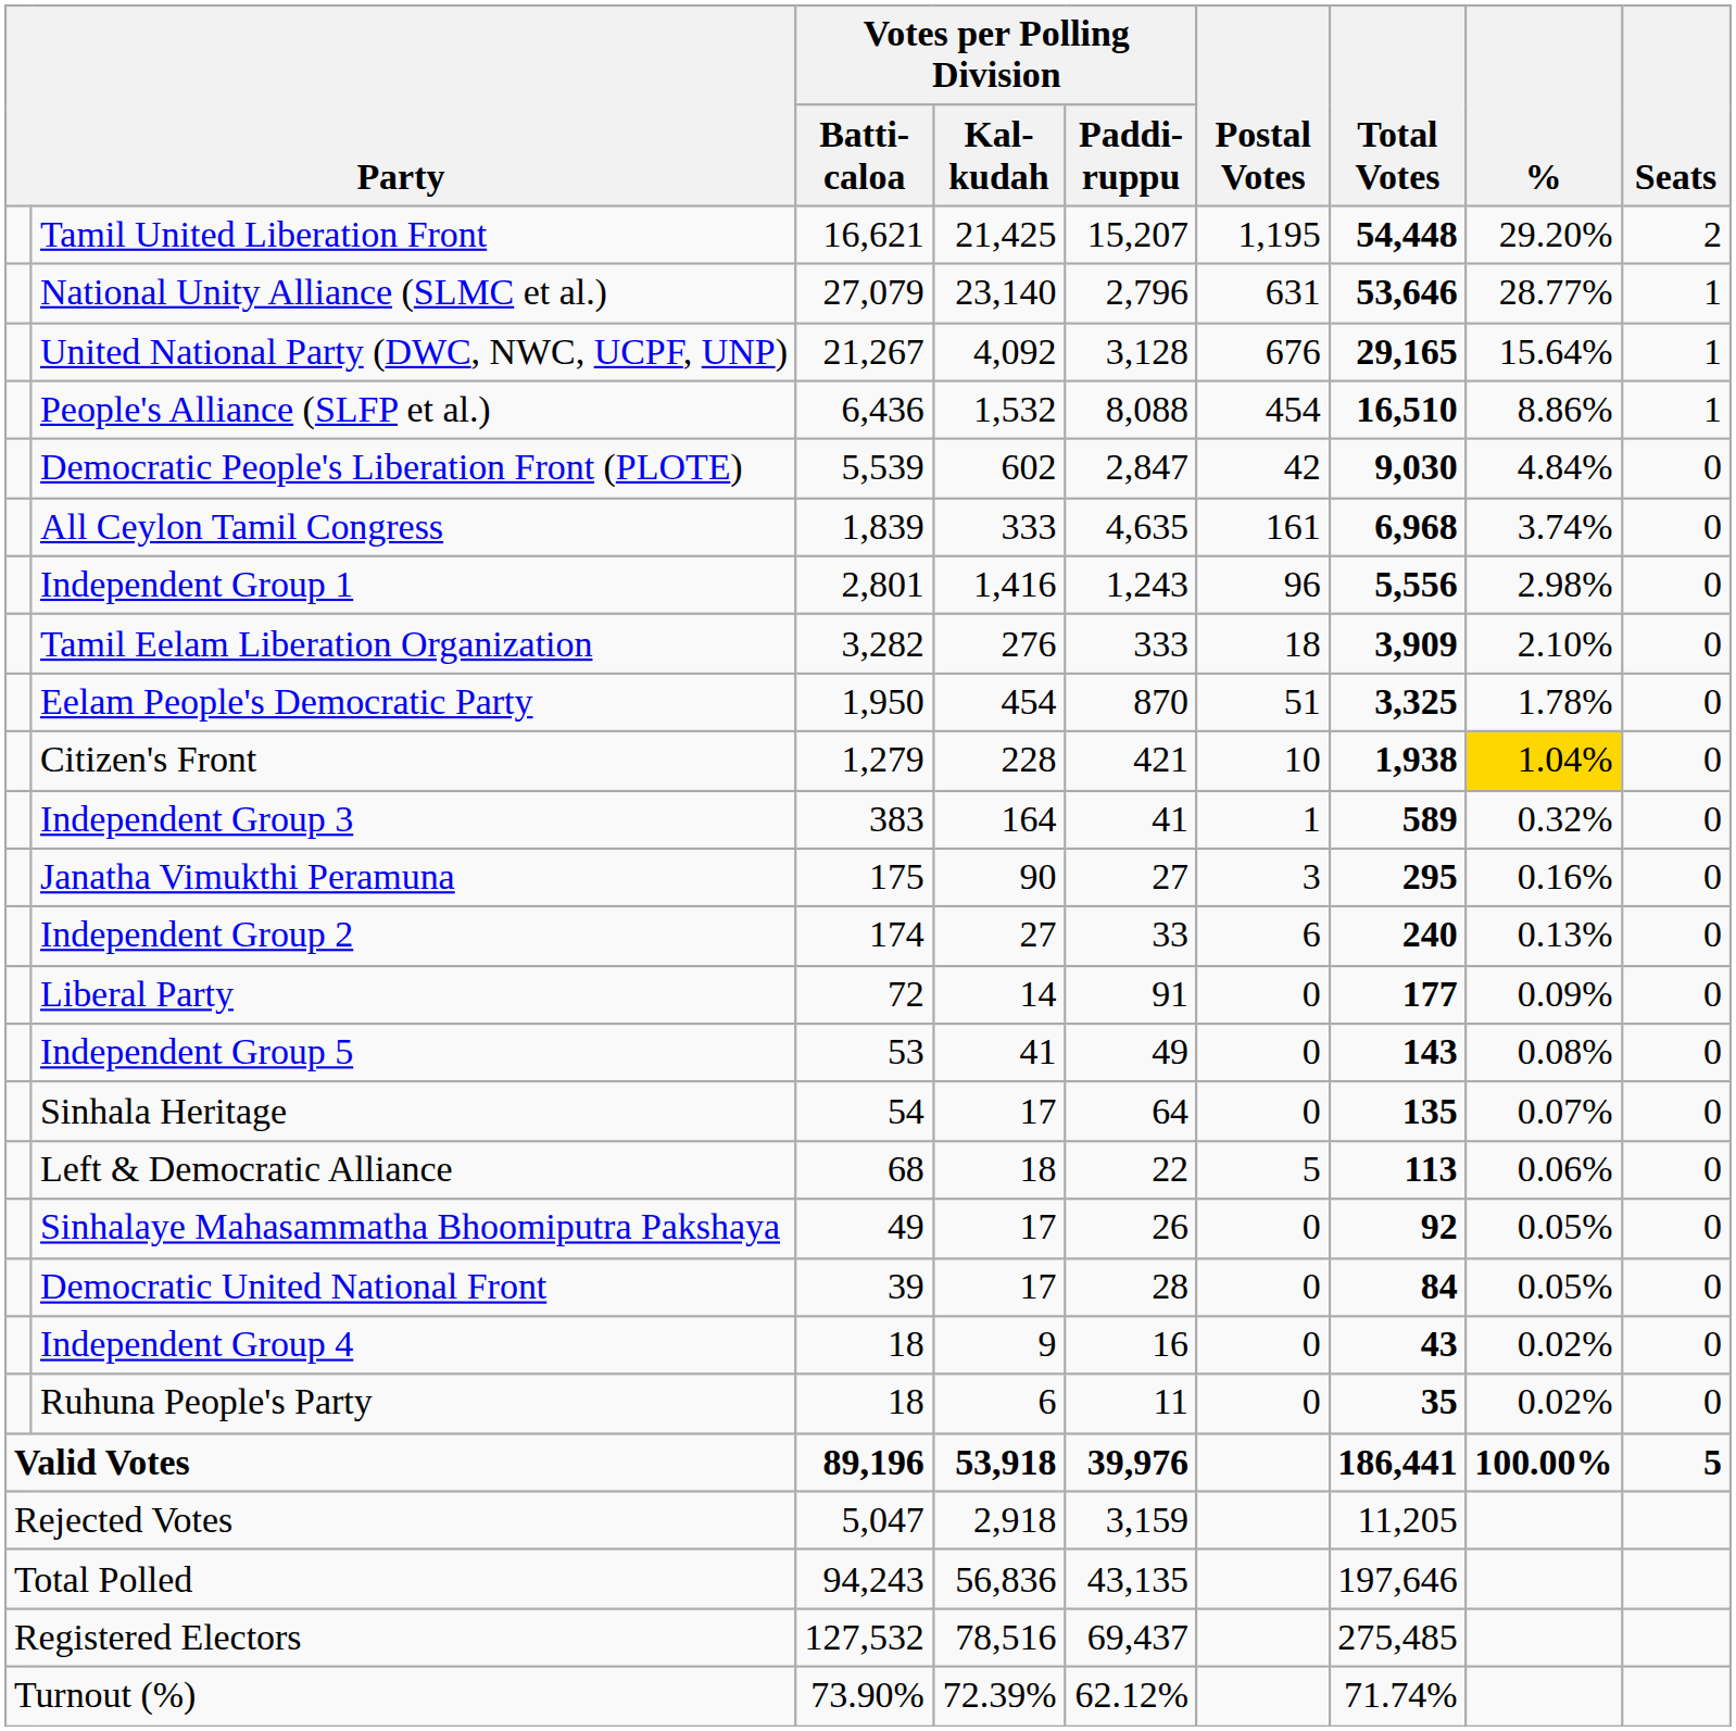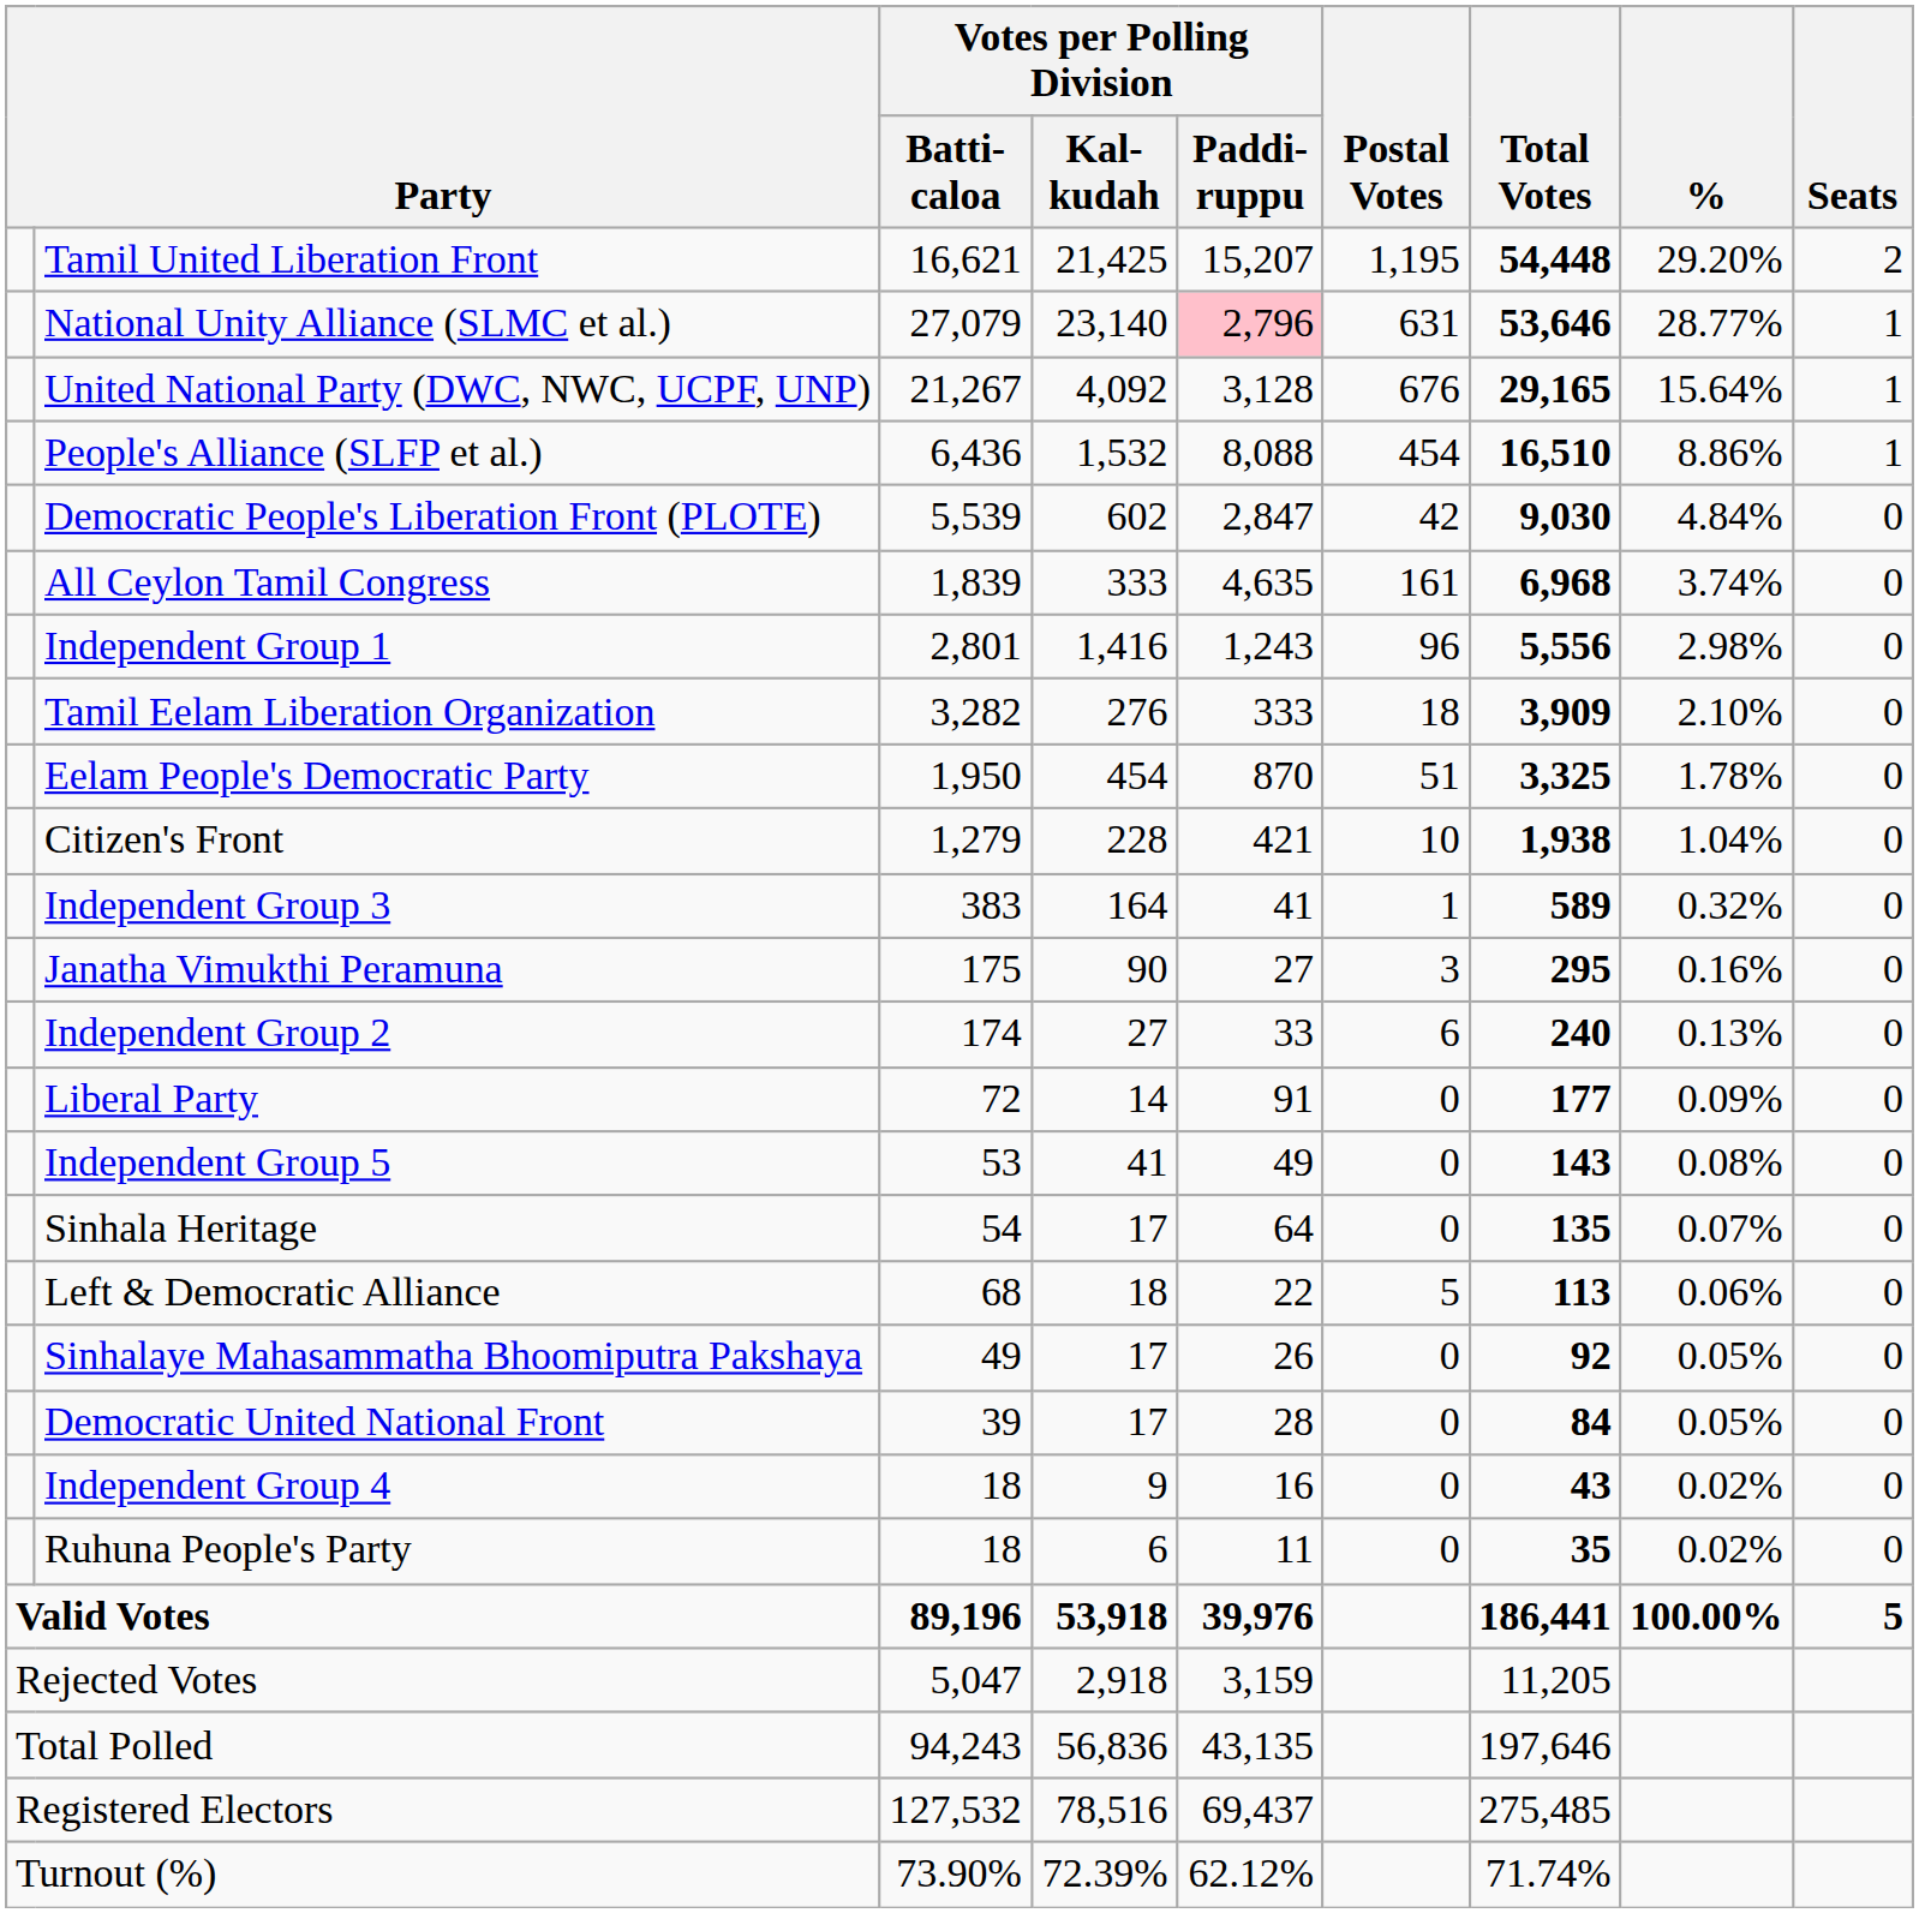 <table class="wikitable" border="1" style="text-align:right;">
 <tr>
 <th align=left valign=bottom rowspan=2 colspan=2>Party</th>
 <th colspan=3>Votes per Polling Division</th>
 <th align=center valign=bottom rowspan=2 width="50">Postal<br>Votes</th>
 <th align=center valign=bottom rowspan=2 width="50">Total Votes</th>
 <th align=center valign=bottom rowspan=2 width="50">%</th>
 <th align=center valign=bottom rowspan=2 width="40">Seats</th>
 </tr>
 <tr>
 <th align=center valign=bottom width="50">Batti-<br>caloa</th>
 <th align=center valign=bottom width="50">Kal-<br>kudah</th>
 <th align=center valign=bottom width="50">Paddi-<br>ruppu</th>
 </tr>
 <tr>
 <td bgcolor=> </td>
 <td align=left><a href='#'>Tamil United Liberation Front</a></td>
 <td>16,621</td>
 <td>21,425</td>
 <td>15,207</td>
 <td>1,195</td>
 <td><strong>54,448</strong></td>
 <td>29.20%</td>
 <td>2</td>
 </tr>
 <tr>
 <td bgcolor=> </td>
 <td align=left><a href='#'>National Unity Alliance</a> (<a href='#'>SLMC</a> et al.)</td>
 <td>27,079</td>
 <td>23,140</td>
-<td>2,796</td>
+<td style="background: pink;">2,796</td>
 <td>631</td>
 <td><strong>53,646</strong></td>
 <td>28.77%</td>
 <td>1</td>
 </tr>
 <tr>
 <td bgcolor=> </td>
 <td align=left><a href='#'>United National Party</a> (<a href='#'>DWC</a>, NWC, <a href='#'>UCPF</a>, <a href='#'>UNP</a>)</td>
 <td>21,267</td>
 <td>4,092</td>
 <td>3,128</td>
 <td>676</td>
 <td><strong>29,165</strong></td>
 <td>15.64%</td>
 <td>1</td>
 </tr>
 <tr>
 <td bgcolor=> </td>
 <td align=left><a href='#'>People's Alliance</a> (<a href='#'>SLFP</a> et al.)</td>
 <td>6,436</td>
 <td>1,532</td>
 <td>8,088</td>
 <td>454</td>
 <td><strong>16,510</strong></td>
 <td>8.86%</td>
 <td>1</td>
 </tr>
 <tr>
 <td bgcolor=> </td>
 <td align=left><a href='#'>Democratic People's Liberation Front</a> (<a href='#'>PLOTE</a>)</td>
 <td>5,539</td>
 <td>602</td>
 <td>2,847</td>
 <td>42</td>
 <td><strong>9,030</strong></td>
 <td>4.84%</td>
 <td>0</td>
 </tr>
 <tr>
 <td bgcolor=> </td>
 <td align=left><a href='#'>All Ceylon Tamil Congress</a></td>
 <td>1,839</td>
 <td>333</td>
 <td>4,635</td>
 <td>161</td>
 <td><strong>6,968</strong></td>
 <td>3.74%</td>
 <td>0</td>
 </tr>
 <tr>
 <td bgcolor=> </td>
 <td align=left><a href='#'>Independent Group 1</a></td>
 <td>2,801</td>
 <td>1,416</td>
 <td>1,243</td>
 <td>96</td>
 <td><strong>5,556</strong></td>
 <td>2.98%</td>
 <td>0</td>
 </tr>
 <tr>
 <td bgcolor=> </td>
 <td align=left><a href='#'>Tamil Eelam Liberation Organization</a></td>
 <td>3,282</td>
 <td>276</td>
 <td>333</td>
 <td>18</td>
 <td><strong>3,909</strong></td>
 <td>2.10%</td>
 <td>0</td>
 </tr>
 <tr>
 <td bgcolor=> </td>
 <td align=left><a href='#'>Eelam People's Democratic Party</a></td>
 <td>1,950</td>
 <td>454</td>
 <td>870</td>
 <td>51</td>
 <td><strong>3,325</strong></td>
 <td>1.78%</td>
 <td>0</td>
 </tr>
 <tr>
 <td></td>
 <td align=left>Citizen's Front</td>
 <td>1,279</td>
 <td>228</td>
 <td>421</td>
 <td>10</td>
 <td><strong>1,938</strong></td>
-<td style="background: gold;">1.04%</td>
+<td>1.04%</td>
 <td>0</td>
 </tr>
 <tr>
 <td bgcolor=> </td>
 <td align=left><a href='#'>Independent Group 3</a></td>
 <td>383</td>
 <td>164</td>
 <td>41</td>
 <td>1</td>
 <td><strong>589</strong></td>
 <td>0.32%</td>
 <td>0</td>
 </tr>
 <tr>
 <td bgcolor=> </td>
 <td align=left><a href='#'>Janatha Vimukthi Peramuna</a></td>
 <td>175</td>
 <td>90</td>
 <td>27</td>
 <td>3</td>
 <td><strong>295</strong></td>
 <td>0.16%</td>
 <td>0</td>
 </tr>
 <tr>
 <td bgcolor=> </td>
 <td align=left><a href='#'>Independent Group 2</a></td>
 <td>174</td>
 <td>27</td>
 <td>33</td>
 <td>6</td>
 <td><strong>240</strong></td>
 <td>0.13%</td>
 <td>0</td>
 </tr>
 <tr>
 <td></td>
 <td align=left><a href='#'>Liberal Party</a></td>
 <td>72</td>
 <td>14</td>
 <td>91</td>
 <td>0</td>
 <td><strong>177</strong></td>
 <td>0.09%</td>
 <td>0</td>
 </tr>
 <tr>
 <td bgcolor=> </td>
 <td align=left><a href='#'>Independent Group 5</a></td>
 <td>53</td>
 <td>41</td>
 <td>49</td>
 <td>0</td>
 <td><strong>143</strong></td>
 <td>0.08%</td>
 <td>0</td>
 </tr>
 <tr>
 <td></td>
 <td align=left>Sinhala Heritage</td>
 <td>54</td>
 <td>17</td>
 <td>64</td>
 <td>0</td>
 <td><strong>135</strong></td>
 <td>0.07%</td>
 <td>0</td>
 </tr>
 <tr>
 <td></td>
 <td align=left>Left & Democratic Alliance</td>
 <td>68</td>
 <td>18</td>
 <td>22</td>
 <td>5</td>
 <td><strong>113</strong></td>
 <td>0.06%</td>
 <td>0</td>
 </tr>
 <tr>
 <td bgcolor=> </td>
 <td align=left><a href='#'>Sinhalaye Mahasammatha Bhoomiputra Pakshaya</a></td>
 <td>49</td>
 <td>17</td>
 <td>26</td>
 <td>0</td>
 <td><strong>92</strong></td>
 <td>0.05%</td>
 <td>0</td>
 </tr>
 <tr>
 <td></td>
 <td align=left><a href='#'>Democratic United National Front</a></td>
 <td>39</td>
 <td>17</td>
 <td>28</td>
 <td>0</td>
 <td><strong>84</strong></td>
 <td>0.05%</td>
 <td>0</td>
 </tr>
 <tr>
 <td bgcolor=> </td>
 <td align=left><a href='#'>Independent Group 4</a></td>
 <td>18</td>
 <td>9</td>
 <td>16</td>
 <td>0</td>
 <td><strong>43</strong></td>
 <td>0.02%</td>
 <td>0</td>
 </tr>
 <tr>
 <td></td>
 <td align=left>Ruhuna People's Party</td>
 <td>18</td>
 <td>6</td>
 <td>11</td>
 <td>0</td>
 <td><strong>35</strong></td>
 <td>0.02%</td>
 <td>0</td>
 </tr>
 <tr>
 <td align=left colspan=2><strong>Valid Votes</strong></td>
 <td><strong>89,196</strong></td>
 <td><strong>53,918</strong></td>
 <td><strong>39,976</strong></td>
 <td></td>
 <td><strong>186,441</strong></td>
 <td><strong>100.00%</strong></td>
 <td><strong>5</strong></td>
 </tr>
 <tr>
 <td align=left colspan=2>Rejected Votes</td>
 <td>5,047</td>
 <td>2,918</td>
 <td>3,159</td>
 <td></td>
 <td>11,205</td>
 <td></td>
 <td></td>
 </tr>
 <tr>
 <td align=left colspan=2>Total Polled</td>
 <td>94,243</td>
 <td>56,836</td>
 <td>43,135</td>
 <td></td>
 <td>197,646</td>
 <td></td>
 <td></td>
 </tr>
 <tr>
 <td align=left colspan=2>Registered Electors</td>
 <td>127,532</td>
 <td>78,516</td>
 <td>69,437</td>
 <td></td>
 <td>275,485</td>
 <td></td>
 <td></td>
 </tr>
 <tr>
 <td align=left colspan=2>Turnout (%)</td>
 <td>73.90%</td>
 <td>72.39%</td>
 <td>62.12%</td>
 <td></td>
 <td>71.74%</td>
 <td></td>
 <td></td>
 </tr>
 </table>
